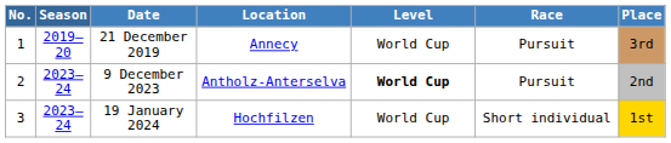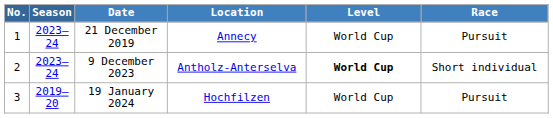 <table class="wikitable sortable" style="font-size:95%; text-align:center; border:grey solid 1px; border-collapse:collapse; background:#ffffff;">
 <tr style="background:#efefef;">
 <th style="background-color:#369; color:white;">No.</th>
 <th style="background-color:#369; color:white;">Season</th>
 <th style="background-color:#4180be; color:white; width:120px;">Date</th>
 <th style="background-color:#4180be; color:white; width:190px;">Location</th>
 <th style="background-color:#4180be; color:white; width:170px;">Level</th>
 <th style="background-color:#4180be; color:white; width:170px;">Race</th>
-<th style="background-color:#4180be; color:white;">Place</th>
 </tr>
 <tr>
 <td align=center>1</td>
-<td><a href='#'>2019–20</a></td>
+<td><a href='#'>2023–24</a></td>
 <td>21 December 2019</td>
 <td> <a href='#'>Annecy</a></td>
 <td>World Cup</td>
 <td>Pursuit</td>
-<td align=center bgcolor="cc9966">3rd</td>
 </tr>
 <tr>
 <td align=center>2</td>
 <td><a href='#'>2023–24</a></td>
 <td>9 December 2023</td>
 <td> <a href='#'>Antholz-Anterselva</a></td>
 <td><strong>World Cup</strong></td>
-<td>Pursuit</td>
-<td align=center bgcolor="silver">2nd</td>
+<td>Short individual</td>
 </tr>
 <tr>
 <td align=center>3</td>
-<td><a href='#'>2023–24</a></td>
+<td><a href='#'>2019–20</a></td>
 <td>19 January 2024</td>
 <td> <a href='#'>Hochfilzen</a></td>
 <td>World Cup</td>
-<td>Short individual</td>
-<td align=center bgcolor="gold">1st</td>
+<td>Pursuit</td>
 </tr>
 </table>
